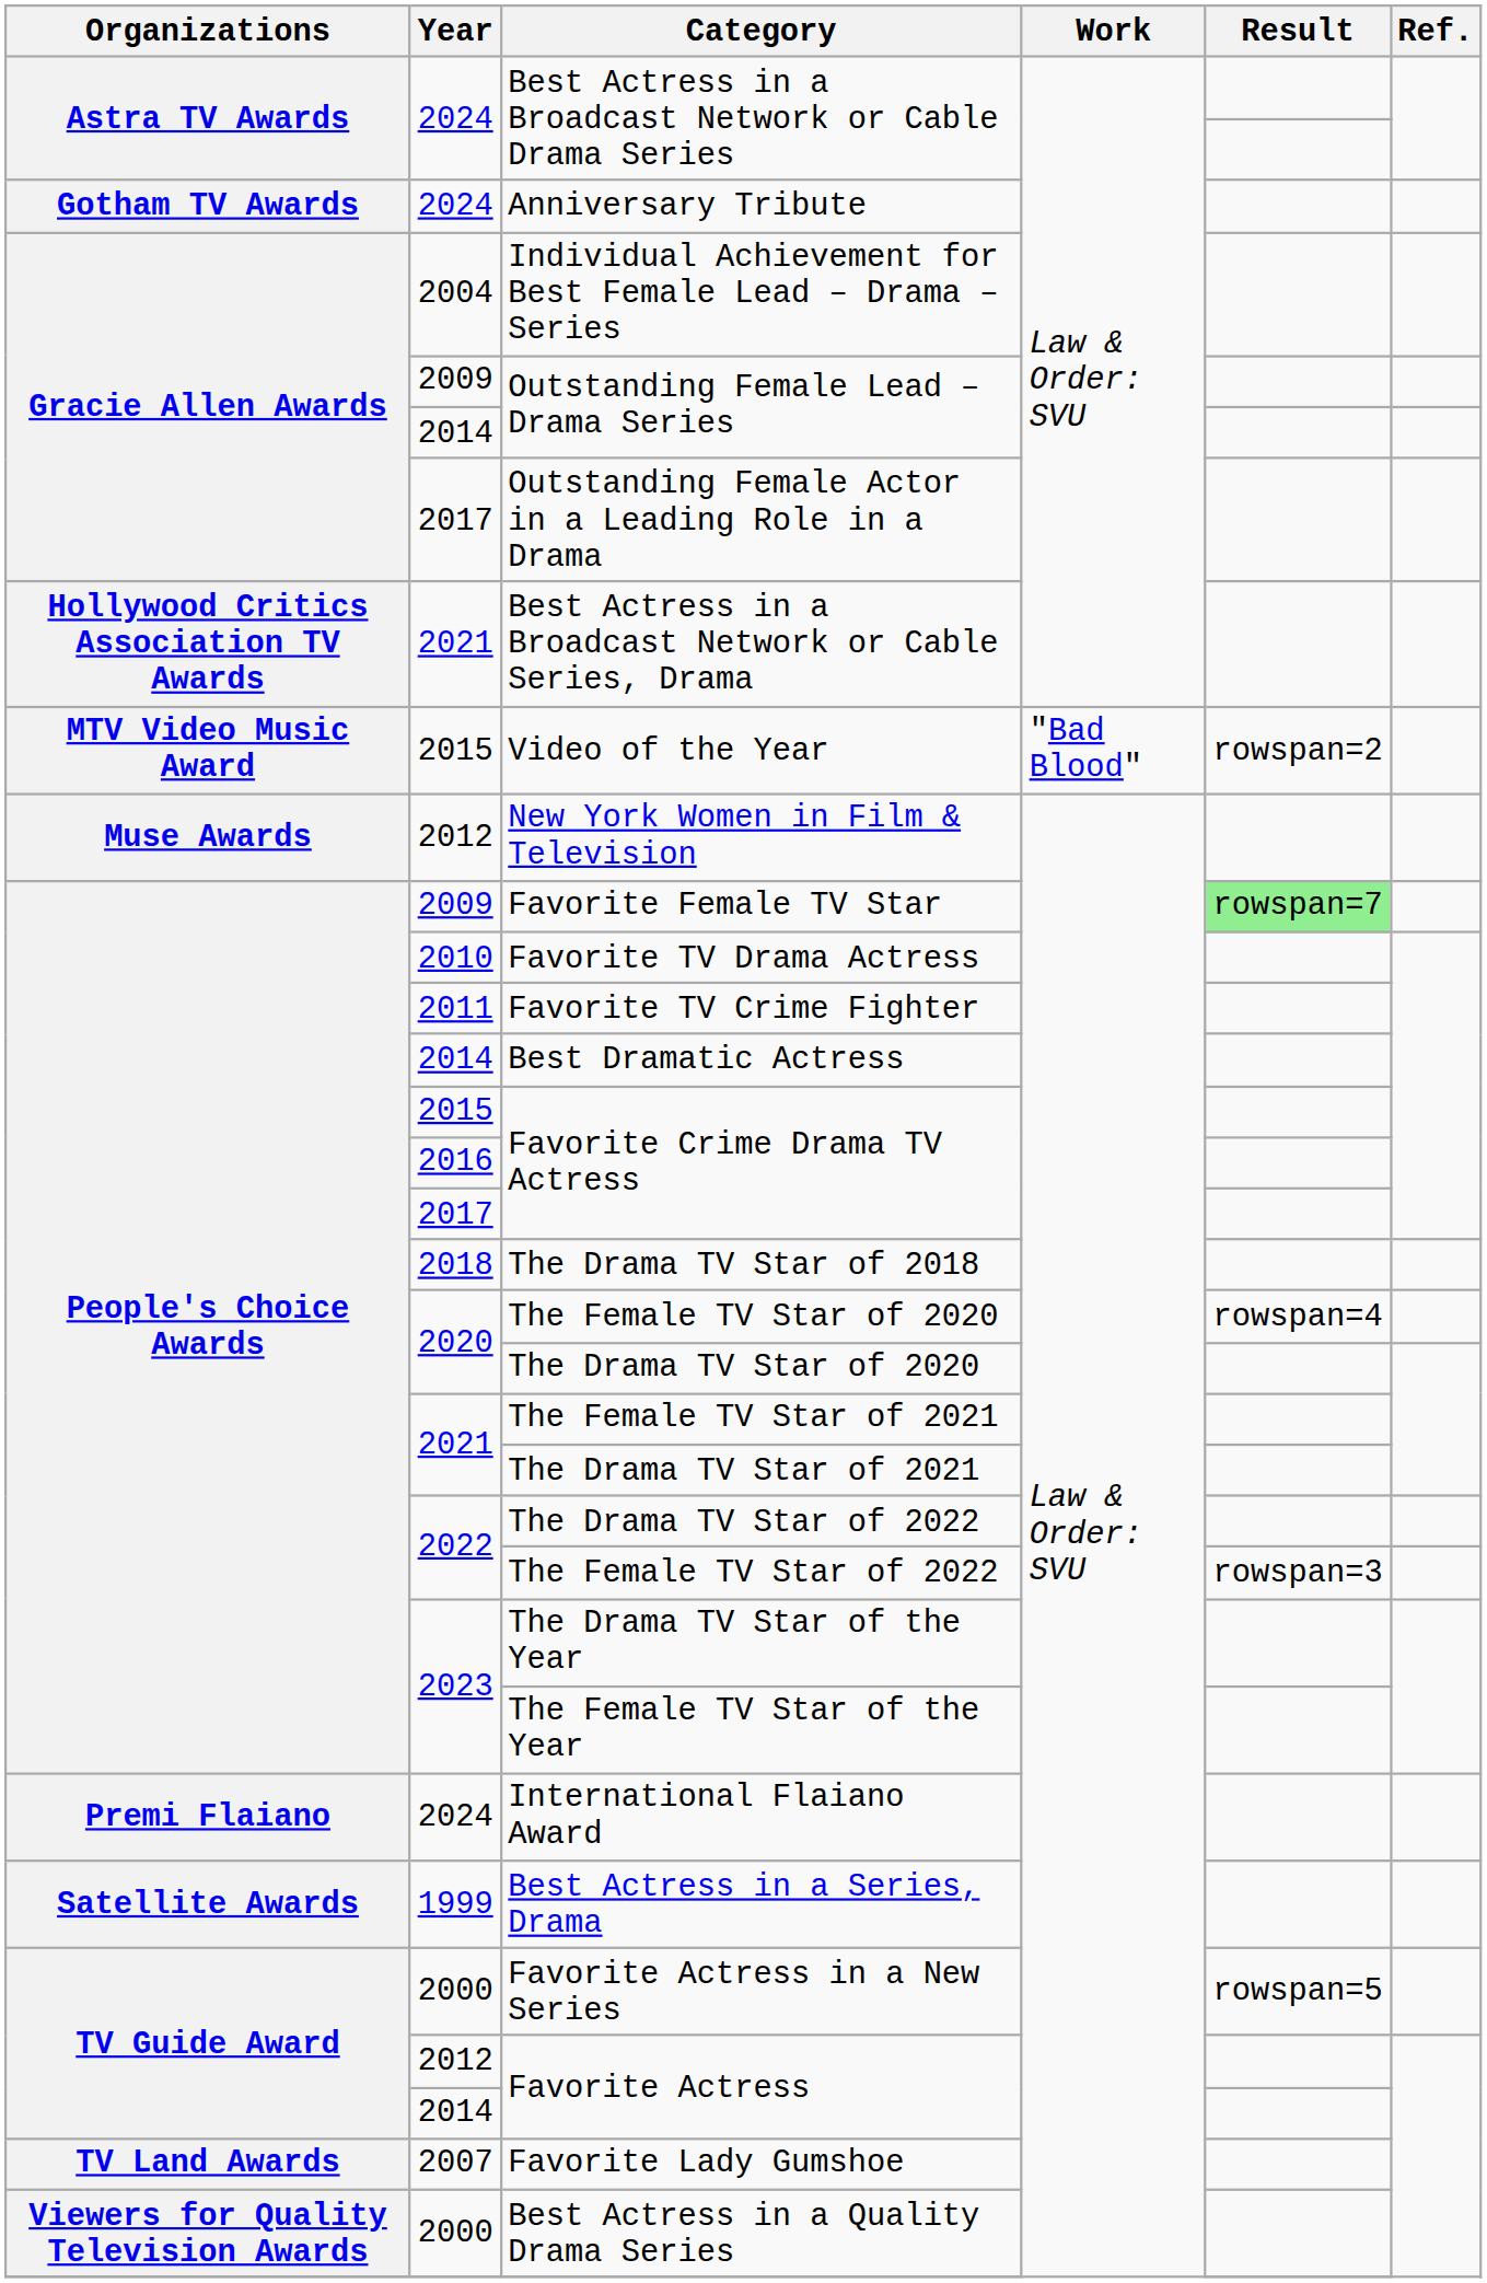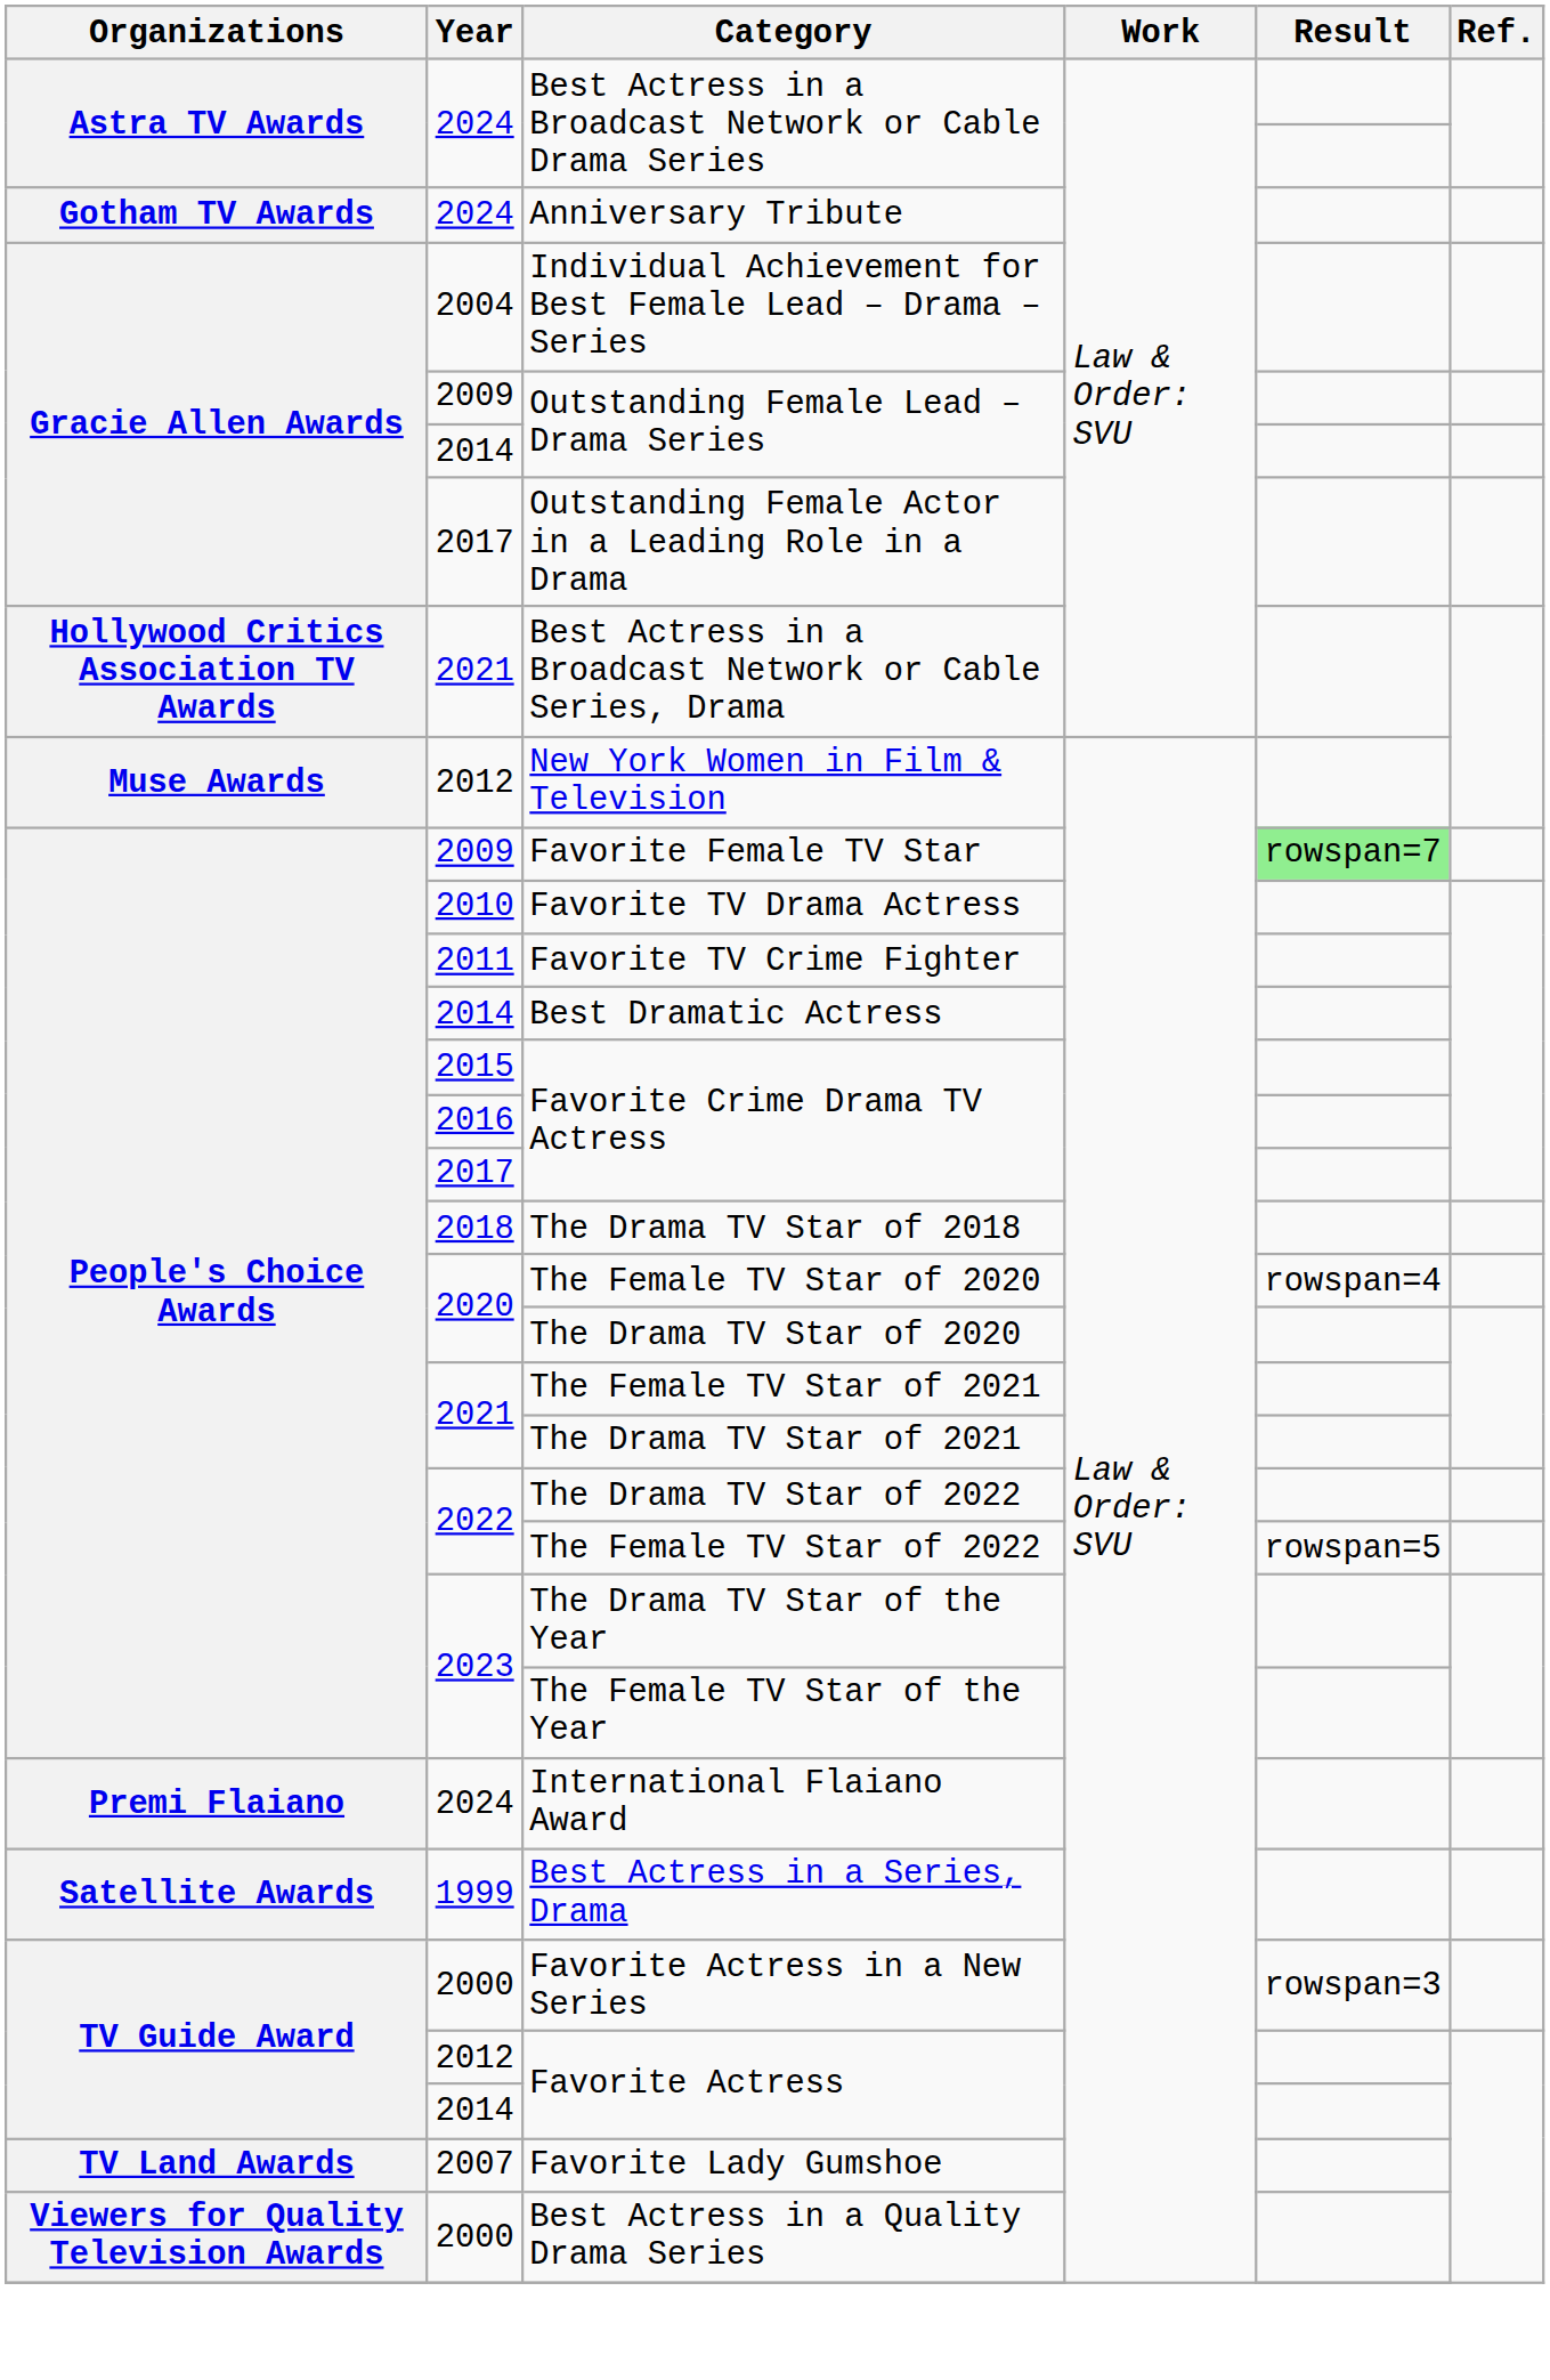 <table class="wikitable sortable plainrowheaders">
 <tr>
 <th>Organizations</th>
 <th>Year</th>
 <th>Category</th>
 <th>Work</th>
 <th>Result</th>
 <th class="unsortable">Ref.</th>
 </tr>
 <tr>
 <th rowspan=2 scope="row"><a href='#'>Astra TV Awards</a></th>
 <td rowspan=2><a href='#'>2024</a></td>
 <td rowspan=2>Best Actress in a Broadcast Network or Cable Drama Series</td>
 <td rowspan=8><em>Law & Order: SVU</em></td>
 <td></td>
 <td rowspan=2></td>
 </tr>
 <tr>
 <td></td>
 </tr>
 <tr>
 <th rowspan=1 scope="row"><a href='#'>Gotham TV Awards</a></th>
 <td><a href='#'>2024</a></td>
 <td>Anniversary Tribute</td>
 <td></td>
 <td></td>
 </tr>
 <tr>
 <th rowspan=4 scope="row"><a href='#'>Gracie Allen Awards</a></th>
 <td>2004</td>
 <td>Individual Achievement for Best Female Lead – Drama – Series</td>
 <td></td>
 <td></td>
 </tr>
 <tr>
 <td>2009</td>
 <td rowspan=2>Outstanding Female Lead – Drama Series</td>
 <td></td>
 <td></td>
 </tr>
 <tr>
 <td>2014</td>
 <td></td>
 <td></td>
 </tr>
 <tr>
 <td>2017</td>
 <td>Outstanding Female Actor in a Leading Role in a Drama</td>
 <td></td>
 <td></td>
 </tr>
 <tr>
 <th rowspan=1 scope="row"><a href='#'>Hollywood Critics Association TV Awards</a></th>
 <td><a href='#'>2021</a></td>
 <td>Best Actress in a Broadcast Network or Cable Series, Drama</td>
-<td></td>
-</tr>
-<tr>
-<th rowspan=1 scope="row"><a href='#'>MTV Video Music Award</a></th>
-<td>2015</td>
-<td>Video of the Year</td>
-<td>"<a href='#'>Bad Blood</a>"</td>
-<td>rowspan=2 </td>
 <td></td>
 </tr>
 <tr>
 <th rowspan=1 scope="row"><a href='#'>Muse Awards</a></th>
 <td>2012</td>
 <td><a href='#'>New York Women in Film & Television</a></td>
 <td rowspan=28><em>Law & Order: SVU</em></td>
 <td></td>
 </tr>
 <tr>
 <th rowspan=16 scope="row"><a href='#'>People's Choice Awards</a></th>
 <td><a href='#'>2009</a></td>
 <td>Favorite Female TV Star</td>
 <td style="background: lightgreen;">rowspan=7 </td>
 <td></td>
 </tr>
 <tr>
 <td><a href='#'>2010</a></td>
 <td>Favorite TV Drama Actress</td>
 <td></td>
 </tr>
 <tr>
 <td><a href='#'>2011</a></td>
 <td>Favorite TV Crime Fighter</td>
 <td></td>
 </tr>
 <tr>
 <td><a href='#'>2014</a></td>
 <td>Best Dramatic Actress</td>
 <td></td>
 </tr>
 <tr>
 <td><a href='#'>2015</a></td>
 <td rowspan=3>Favorite Crime Drama TV Actress</td>
 <td></td>
 </tr>
 <tr>
 <td><a href='#'>2016</a></td>
 <td></td>
 </tr>
 <tr>
 <td><a href='#'>2017</a></td>
 <td></td>
 </tr>
 <tr>
 <td><a href='#'>2018</a></td>
 <td>The Drama TV Star of 2018</td>
 <td></td>
 <td></td>
 </tr>
 <tr>
 <td rowspan=2><a href='#'>2020</a></td>
 <td>The Female TV Star of 2020</td>
 <td>rowspan=4 </td>
 <td></td>
 </tr>
 <tr>
 <td>The Drama TV Star of 2020</td>
 <td></td>
 </tr>
 <tr>
 <td rowspan=2><a href='#'>2021</a></td>
 <td>The Female TV Star of 2021</td>
 <td></td>
 </tr>
 <tr>
 <td>The Drama TV Star of 2021</td>
 <td></td>
 </tr>
 <tr>
 <td rowspan=2><a href='#'>2022</a></td>
 <td>The Drama TV Star of 2022</td>
 <td></td>
 <td></td>
 </tr>
 <tr>
 <td>The Female TV Star of 2022</td>
-<td>rowspan=3 </td>
+<td>rowspan=5 </td>
 <td></td>
 </tr>
 <tr>
 <td rowspan=2><a href='#'>2023</a></td>
 <td>The Drama TV Star of the Year</td>
 <td></td>
 </tr>
 <tr>
 <td>The Female TV Star of the Year</td>
 <td></td>
 </tr>
 <tr>
 <th rowspan=1 scope="row"><a href='#'>Premi Flaiano</a></th>
 <td>2024</td>
 <td>International Flaiano Award</td>
 <td></td>
 <td></td>
 </tr>
 <tr>
 <th rowspan=1 scope="row"><a href='#'>Satellite Awards</a></th>
 <td><a href='#'>1999</a></td>
 <td><a href='#'>Best Actress in a Series, Drama</a></td>
 <td></td>
 </tr>
 <tr>
 <th rowspan=3 scope="row"><a href='#'>TV Guide Award</a></th>
 <td>2000</td>
 <td>Favorite Actress in a New Series</td>
-<td>rowspan=5 </td>
+<td>rowspan=3 </td>
 <td></td>
 </tr>
 <tr>
 <td>2012</td>
 <td rowspan=2>Favorite Actress</td>
 <td></td>
 </tr>
 <tr>
 <td>2014</td>
 <td></td>
 </tr>
 <tr>
 <th rowspan=1 scope="row"><a href='#'>TV Land Awards</a></th>
 <td>2007</td>
 <td>Favorite Lady Gumshoe</td>
 <td></td>
 </tr>
 <tr>
 <th rowspan=1 scope="row"><a href='#'>Viewers for Quality Television Awards</a></th>
 <td>2000</td>
 <td>Best Actress in a Quality Drama Series</td>
 <td></td>
 </tr>
 <tr>
 </tr>
 </table>
